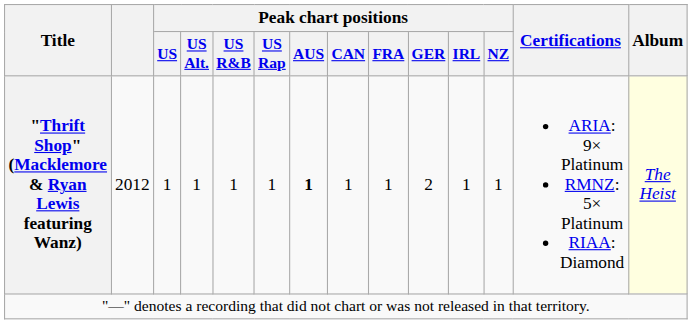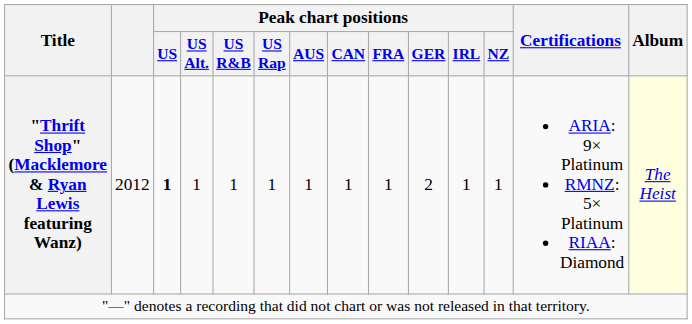 <table class="wikitable plainrowheaders" style="text-align:center;">
 <tr>
 <th scope="col" rowspan="2" style="width:18em;">Title</th>
 <th scope="col" rowspan="2"></th>
 <th scope="col" colspan="10">Peak chart positions</th>
 <th scope="col" rowspan="2" style="width:12em;"><a href='#'>Certifications</a></th>
 <th scope="col" rowspan="2">Album</th>
 </tr>
 <tr>
 <th scope="col" style="width:3em;font-size:90%;"><a href='#'>US</a><br></th>
 <th scope="col" style="width:3em;font-size:90%;"><a href='#'>US<br>Alt.</a><br></th>
 <th scope="col" style="width:3em;font-size:90%;"><a href='#'>US<br>R&B</a><br></th>
 <th scope="col" style="width:3em;font-size:90%;"><a href='#'>US<br>Rap</a><br></th>
 <th scope="col" style="width:3em;font-size:90%;"><a href='#'>AUS</a><br></th>
 <th scope="col" style="width:3em;font-size:90%;"><a href='#'>CAN</a><br></th>
 <th scope="col" style="width:3em;font-size:90%;"><a href='#'>FRA</a><br></th>
 <th scope="col" style="width:3em;font-size:90%;"><a href='#'>GER</a><br></th>
 <th scope="col" style="width:3em;font-size:90%;"><a href='#'>IRL</a><br></th>
 <th scope="col" style="width:3em;font-size:90%;"><a href='#'>NZ</a><br></th>
 </tr>
 <tr>
 <th scope="row">"<a href='#'>Thrift Shop</a>"<br><span>(<a href='#'>Macklemore</a> & <a href='#'>Ryan Lewis</a> featuring Wanz)</span></th>
 <td>2012</td>
+<td><strong>1</strong></td>
 <td>1</td>
 <td>1</td>
 <td>1</td>
 <td>1</td>
-<td><strong>1</strong></td>
 <td>1</td>
 <td>1</td>
 <td>2</td>
 <td>1</td>
 <td>1</td>
 <td><br><ul><li><a href='#'>ARIA</a>: 9× Platinum</li><li><a href='#'>RMNZ</a>: 5× Platinum</li><li><a href='#'>RIAA</a>: Diamond</li></ul></td>
 <td style="background: lightyellow;"><em><a href='#'>The Heist</a></em></td>
 </tr>
 <tr>
 <td colspan="15" style="font-size:90%">"—" denotes a recording that did not chart or was not released in that territory.</td>
 </tr>
 </table>
